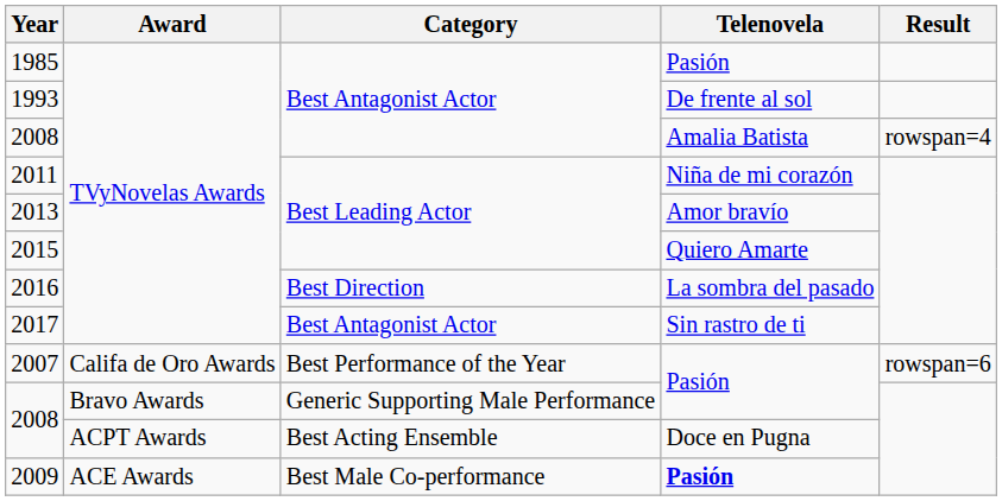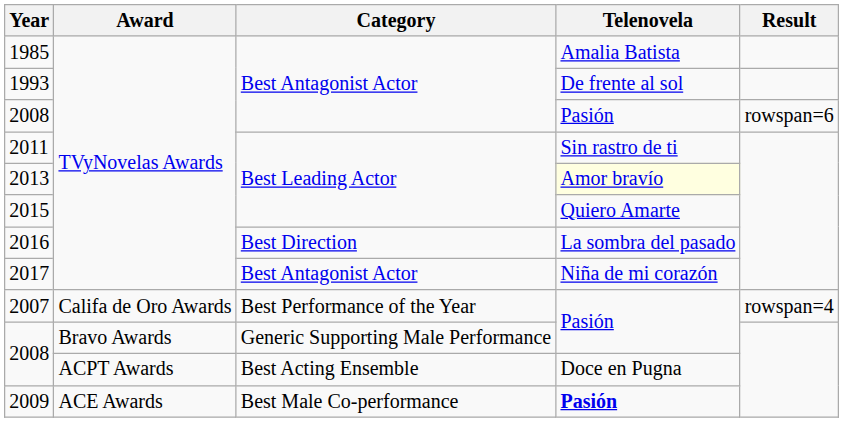 <table class="wikitable">
 <tr>
 <th>Year</th>
 <th>Award</th>
 <th>Category</th>
 <th>Telenovela</th>
 <th>Result</th>
 </tr>
 <tr>
 <td>1985</td>
 <td rowspan=8><a href='#'>TVyNovelas Awards</a></td>
 <td rowspan=3><a href='#'>Best Antagonist Actor</a></td>
-<td><a href='#'>Pasión</a></td>
+<td><a href='#'>Amalia Batista</a></td>
 <td></td>
 </tr>
 <tr>
 <td>1993</td>
 <td><a href='#'>De frente al sol</a></td>
 <td></td>
 </tr>
 <tr>
 <td>2008</td>
-<td><a href='#'>Amalia Batista</a></td>
-<td>rowspan=4 </td>
+<td><a href='#'>Pasión</a></td>
+<td>rowspan=6 </td>
 </tr>
 <tr>
 <td>2011</td>
 <td rowspan=3><a href='#'>Best Leading Actor</a></td>
-<td><a href='#'>Niña de mi corazón</a></td>
+<td><a href='#'>Sin rastro de ti</a></td>
 </tr>
 <tr>
 <td>2013</td>
-<td><a href='#'>Amor bravío</a></td>
+<td style="background: lightyellow;"><a href='#'>Amor bravío</a></td>
 </tr>
 <tr>
 <td>2015</td>
 <td><a href='#'>Quiero Amarte</a></td>
 </tr>
 <tr>
 <td>2016</td>
 <td><a href='#'>Best Direction</a></td>
 <td><a href='#'>La sombra del pasado</a></td>
 </tr>
 <tr>
 <td>2017</td>
 <td><a href='#'>Best Antagonist Actor</a></td>
-<td><a href='#'>Sin rastro de ti</a></td>
+<td><a href='#'>Niña de mi corazón</a></td>
 </tr>
 <tr>
 <td>2007</td>
 <td>Califa de Oro Awards</td>
 <td>Best Performance of the Year</td>
 <td rowspan=2><a href='#'>Pasión</a></td>
-<td>rowspan=6 </td>
+<td>rowspan=4 </td>
 </tr>
 <tr>
 <td rowspan=2>2008</td>
 <td>Bravo Awards</td>
 <td>Generic Supporting Male Performance</td>
 </tr>
 <tr>
 <td>ACPT Awards</td>
 <td>Best Acting Ensemble</td>
 <td>Doce en Pugna</td>
 </tr>
 <tr>
 <td>2009</td>
 <td>ACE Awards</td>
 <td>Best Male Co-performance</td>
 <td><strong><a href='#'>Pasión</a></strong></td>
 </tr>
 </table>
